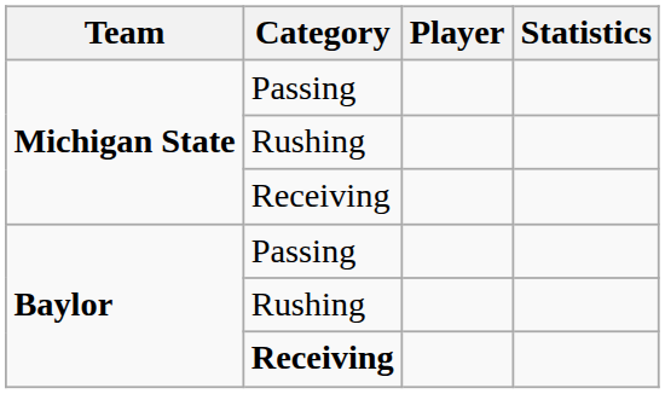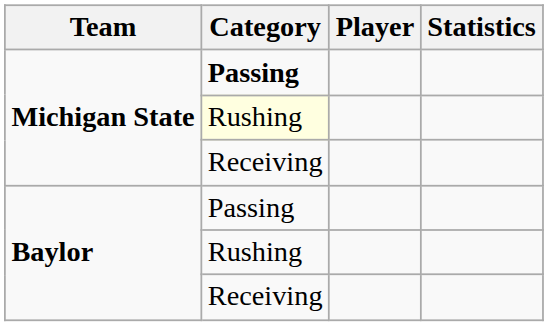 <table class="wikitable" style="float: left;">
 <tr>
 <th>Team</th>
 <th>Category</th>
 <th>Player</th>
 <th>Statistics</th>
 </tr>
 <tr>
 <td rowspan=3><strong>Michigan State</strong></td>
-<td>Passing</td>
+<td><strong>Passing</strong></td>
 <td></td>
 <td></td>
 </tr>
 <tr>
-<td>Rushing</td>
+<td style="background: lightyellow;">Rushing</td>
 <td></td>
 <td></td>
 </tr>
 <tr>
 <td>Receiving</td>
 <td></td>
 <td></td>
 </tr>
 <tr>
 <td rowspan=3><strong>Baylor</strong></td>
 <td>Passing</td>
 <td></td>
 <td></td>
 </tr>
 <tr>
 <td>Rushing</td>
 <td></td>
 <td></td>
 </tr>
 <tr>
-<td><strong>Receiving</strong></td>
+<td>Receiving</td>
 <td></td>
 <td></td>
 </tr>
 </table>
